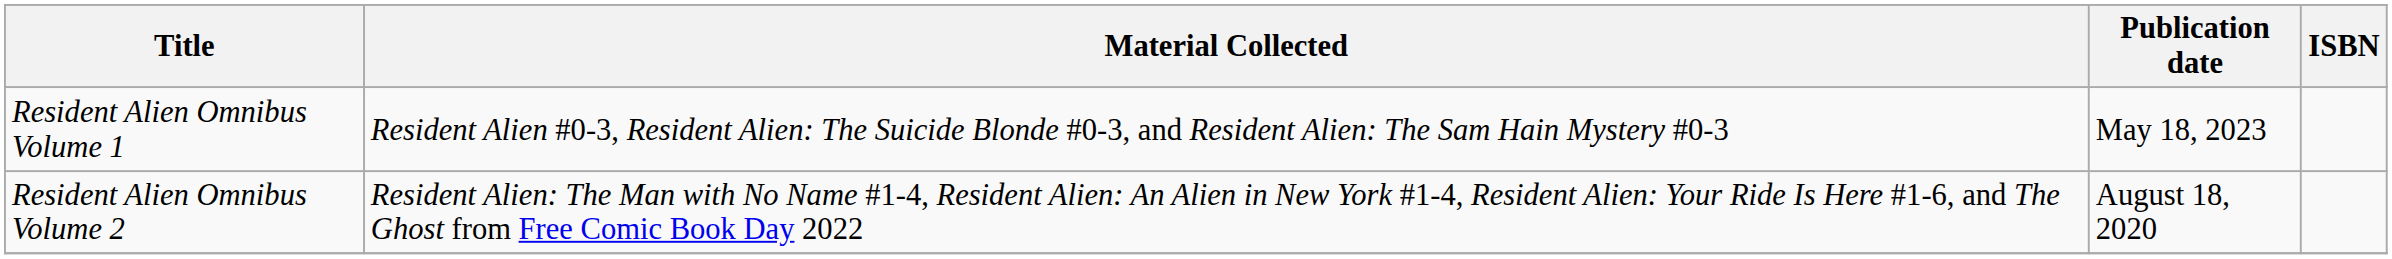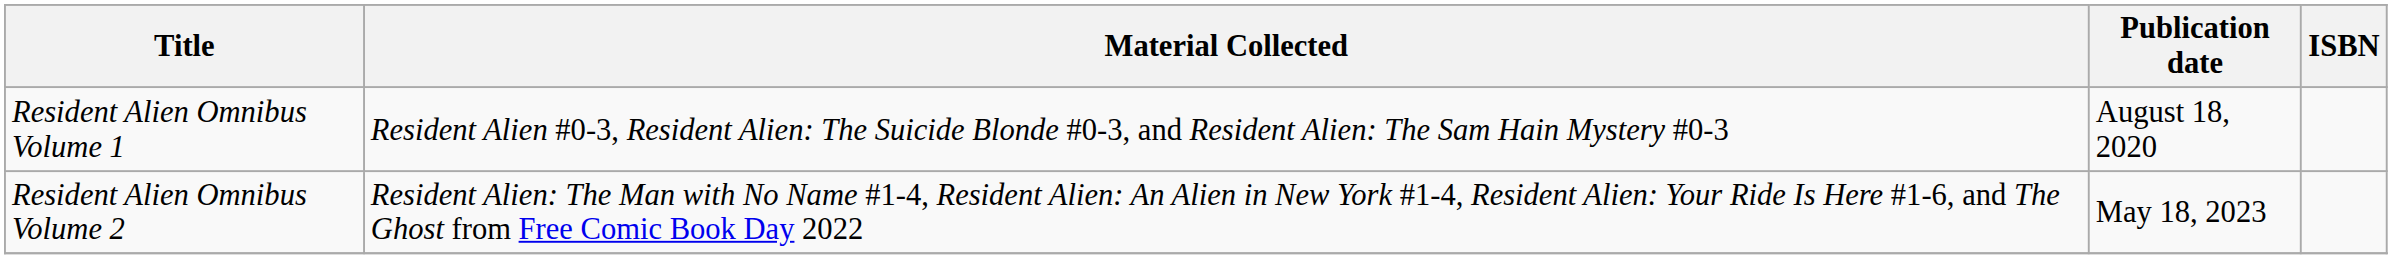 <table class="wikitable">
 <tr>
 <th>Title</th>
 <th>Material Collected</th>
 <th>Publication date</th>
 <th>ISBN</th>
 </tr>
 <tr>
 <td><em>Resident Alien Omnibus Volume 1</em></td>
 <td><em>Resident Alien</em> #0-3, <em>Resident Alien: The Suicide Blonde</em> #0-3, and <em>Resident Alien: The Sam Hain Mystery</em> #0-3</td>
-<td>May 18, 2023</td>
+<td>August 18, 2020</td>
 <td></td>
 </tr>
 <tr>
 <td><em>Resident Alien Omnibus Volume 2</em></td>
 <td><em>Resident Alien: The Man with No Name</em> #1-4, <em>Resident Alien: An Alien in New York</em> #1-4, <em>Resident Alien: Your Ride Is Here</em> #1-6, and <em>The Ghost</em> from <a href='#'>Free Comic Book Day</a> 2022</td>
-<td>August 18, 2020</td>
+<td>May 18, 2023</td>
 <td></td>
 </tr>
 <tr>
 </tr>
 </table>
